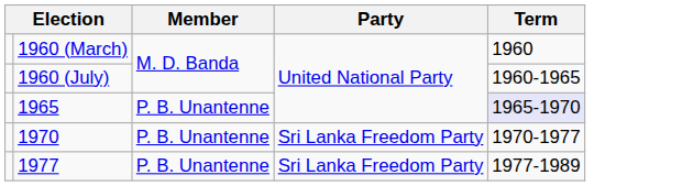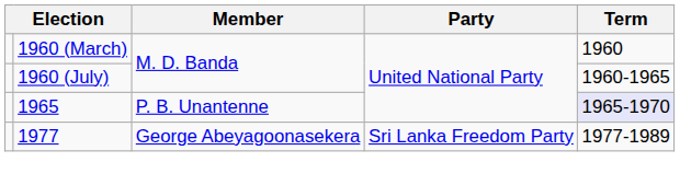 <table class="wikitable">
 <tr>
 <th colspan="2">Election</th>
 <th>Member</th>
 <th>Party</th>
 <th>Term</th>
 </tr>
 <tr>
 <td style="background-color: "></td>
 <td><a href='#'>1960 (March)</a></td>
 <td rowspan=2><a href='#'>M. D. Banda</a></td>
 <td rowspan=3><a href='#'>United National Party</a></td>
 <td>1960</td>
 </tr>
 <tr>
 <td style="background-color: "></td>
 <td><a href='#'>1960 (July)</a></td>
 <td>1960-1965</td>
 </tr>
 <tr>
 <td style="background-color: "></td>
 <td><a href='#'>1965</a></td>
 <td><a href='#'>P. B. Unantenne</a></td>
 <td style="background: lavender;">1965-1970</td>
 </tr>
 <tr>
 <td style="background-color: "></td>
-<td><a href='#'>1970</a></td>
-<td><a href='#'>P. B. Unantenne</a></td>
-<td><a href='#'>Sri Lanka Freedom Party</a></td>
-<td>1970-1977</td>
-</tr>
-<tr>
-<td style="background-color: "></td>
 <td><a href='#'>1977</a></td>
-<td><a href='#'>P. B. Unantenne</a></td>
+<td><a href='#'>George Abeyagoonasekera</a></td>
 <td><a href='#'>Sri Lanka Freedom Party</a></td>
 <td>1977-1989</td>
 </tr>
 </table>
